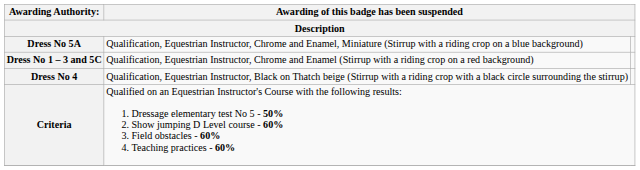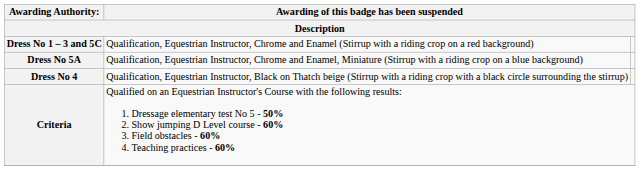 <table class=wikitable style="text-align: left;">
 <tr>
 <th><strong>Awarding Authority</strong>:</th>
 <th colspan="2">Awarding of this badge has been suspended</th>
 </tr>
 <tr>
 <th colspan="3">Description</th>
 </tr>
 <tr>
-<th>Dress No 5A</th>
-<td>Qualification, Equestrian Instructor, Chrome and Enamel, Miniature (Stirrup with a riding crop on a blue background)</td>
+<th>Dress No 1 – 3 and 5C</th>
+<td>Qualification, Equestrian Instructor, Chrome and Enamel (Stirrup with a riding crop on a red background)</td>
 <td></td>
 </tr>
 <tr>
-<th>Dress No 1 – 3 and 5C</th>
-<td>Qualification, Equestrian Instructor, Chrome and Enamel (Stirrup with a riding crop on a red background)</td>
+<th>Dress No 5A</th>
+<td>Qualification, Equestrian Instructor, Chrome and Enamel, Miniature (Stirrup with a riding crop on a blue background)</td>
 <td></td>
 </tr>
 <tr>
 <th>Dress No 4</th>
 <td>Qualification, Equestrian Instructor, Black on Thatch beige (Stirrup with a riding crop with a black circle surrounding the stirrup)</td>
 <td></td>
 </tr>
 <tr>
 <th>Criteria</th>
 <td colspan="2">Qualified on an Equestrian Instructor's Course with the following results:<br><ol><li>Dressage elementary test No 5 - <strong>50%</strong></li><li>Show jumping D Level course - <strong>60%</strong></li><li>Field obstacles - <strong>60%</strong></li><li>Teaching practices - <strong>60%</strong></li></ol></td>
 </tr>
 <tr>
 </tr>
 </table>
